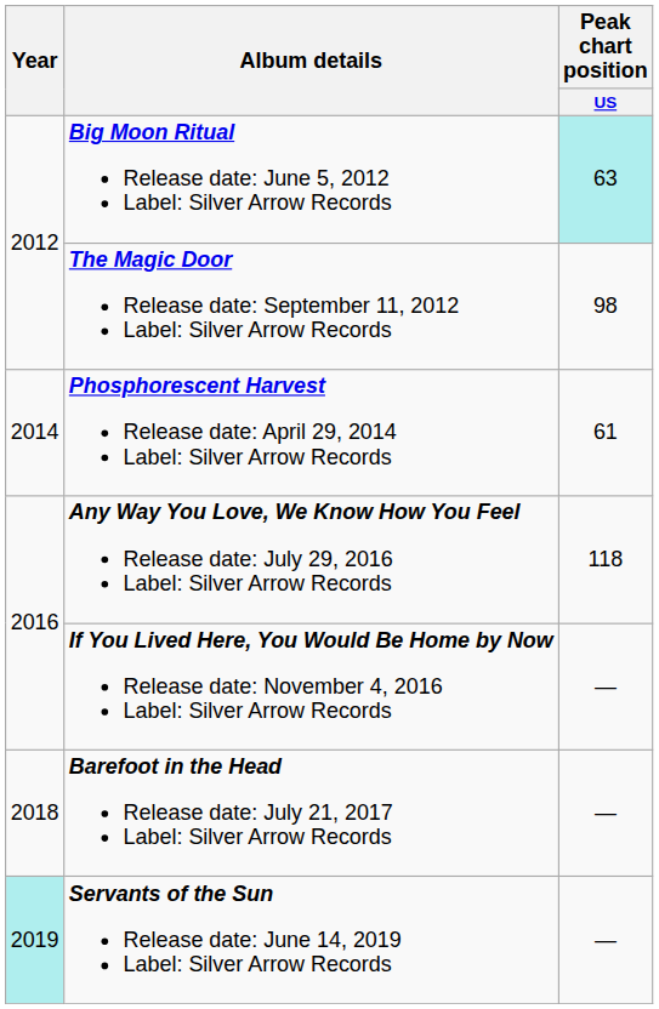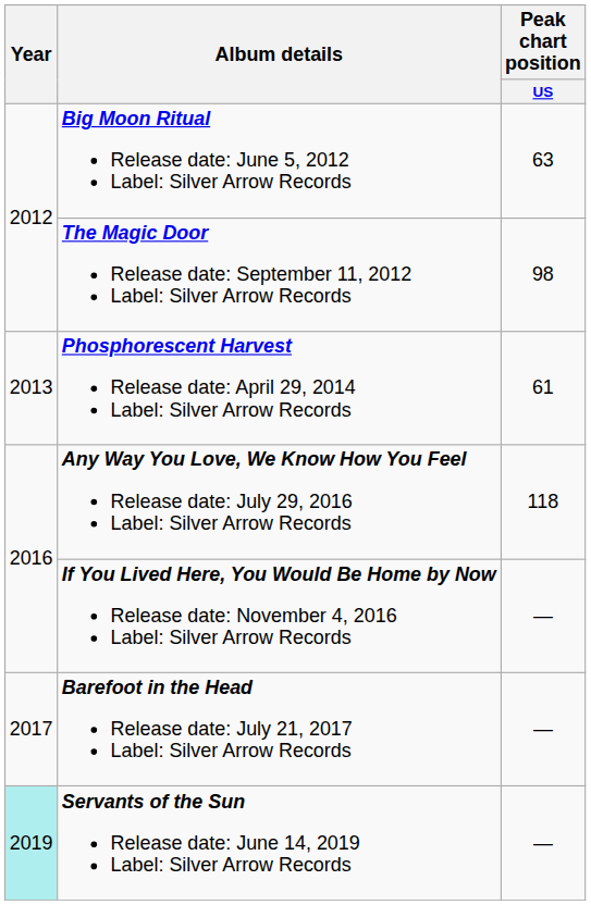 <table class="wikitable" style="text-align: center;">
 <tr>
 <th rowspan="2">Year</th>
 <th rowspan="2">Album details</th>
 <th>Peak chart position</th>
 </tr>
 <tr>
 <th style="width:3em;font-size:75%"><a href='#'>US</a></th>
 </tr>
 <tr>
 <td rowspan=2>2012</td>
 <td style="text-align:left;"><strong><em><a href='#'>Big Moon Ritual</a></em></strong><br><ul><li>Release date: June 5, 2012</li><li>Label: Silver Arrow Records</li></ul></td>
-<td style="background: paleturquoise;">63</td>
+<td>63</td>
 </tr>
 <tr>
 <td style="text-align:left;"><strong><em><a href='#'>The Magic Door</a></em></strong><br><ul><li>Release date: September 11, 2012</li><li>Label: Silver Arrow Records</li></ul></td>
 <td>98</td>
 </tr>
 <tr>
-<td>2014</td>
+<td>2013</td>
 <td style="text-align:left;"><strong><em><a href='#'>Phosphorescent Harvest</a></em></strong><br><ul><li>Release date: April 29, 2014</li><li>Label: Silver Arrow Records</li></ul></td>
 <td>61</td>
 </tr>
 <tr>
 <td rowspan=2>2016</td>
 <td style="text-align:left;"><strong><em>Any Way You Love, We Know How You Feel</em></strong><br><ul><li>Release date: July 29, 2016</li><li>Label: Silver Arrow Records</li></ul></td>
 <td>118</td>
 </tr>
 <tr>
 <td style="text-align:left;"><strong><em>If You Lived Here, You Would Be Home by Now</em></strong><br><ul><li>Release date: November 4, 2016</li><li>Label: Silver Arrow Records</li></ul></td>
 <td>—</td>
 </tr>
 <tr>
-<td>2018</td>
+<td>2017</td>
 <td style="text-align:left;"><strong><em>Barefoot in the Head</em></strong><br><ul><li>Release date: July 21, 2017</li><li>Label: Silver Arrow Records</li></ul></td>
 <td>—</td>
 </tr>
 <tr>
 <td style="background: paleturquoise;">2019</td>
 <td style="text-align:left;"><strong><em>Servants of the Sun</em></strong><br><ul><li>Release date: June 14, 2019</li><li>Label: Silver Arrow Records</li></ul></td>
 <td>—</td>
 </tr>
 </table>
